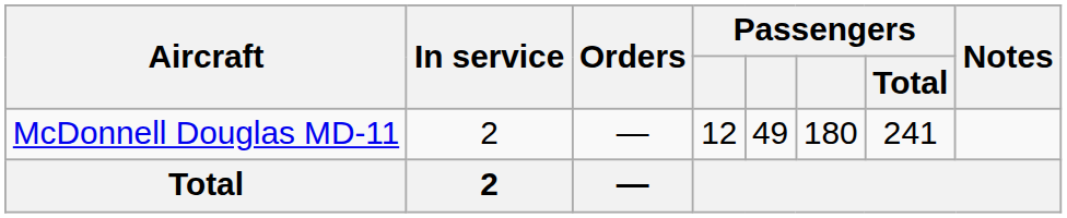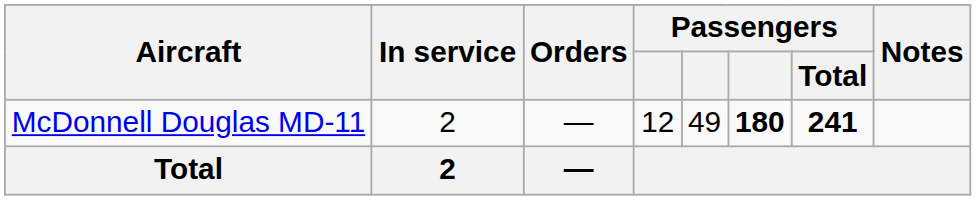 <table class="wikitable" style="border-collapse:collapse;text-align:center">
 <tr>
 <th rowspan="2">Aircraft</th>
 <th rowspan="2">In service</th>
 <th rowspan="2">Orders</th>
 <th colspan="4">Passengers</th>
 <th rowspan="2">Notes</th>
 </tr>
 <tr>
 <th></th>
 <th></th>
 <th></th>
 <th>Total</th>
 </tr>
 <tr>
 <td><a href='#'>McDonnell Douglas MD-11</a></td>
 <td>2</td>
 <td>—</td>
 <td>12</td>
 <td>49</td>
-<td>180</td>
-<td>241</td>
+<td><strong>180</strong></td>
+<td><strong>241</strong></td>
 </tr>
 <tr>
 <th>Total</th>
 <th>2</th>
 <th>—</th>
 <th colspan="5"></th>
 </tr>
 </table>
